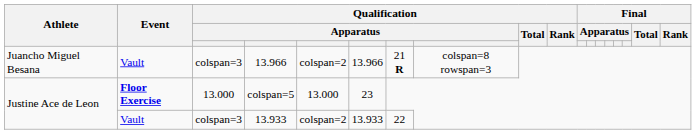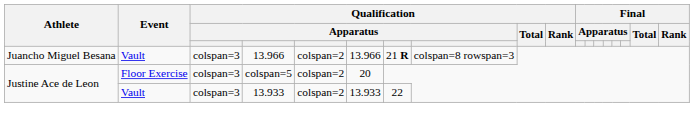 <table class="wikitable" style="font-size:90%">
 <tr>
 <th rowspan=3>Athlete</th>
 <th rowspan=3>Event</th>
 <th colspan=8>Qualification</th>
 <th colspan=8>Final</th>
 </tr>
 <tr style="font-size:95%">
 <th colspan=6>Apparatus</th>
 <th rowspan=2>Total</th>
 <th rowspan=2>Rank</th>
 <th colspan=6>Apparatus</th>
 <th rowspan=2>Total</th>
 <th rowspan=2>Rank</th>
 </tr>
 <tr style="font-size:95%">
 <th></th>
 <th></th>
 <th></th>
 <th></th>
 <th></th>
 <th></th>
 <th></th>
 <th></th>
 <th></th>
 <th></th>
 <th></th>
 <th></th>
 </tr>
 <tr align=center>
 <td align=left>Juancho Miguel Besana</td>
 <td align=left><a href='#'>Vault</a></td>
 <td>colspan=3 </td>
 <td>13.966</td>
 <td>colspan=2 </td>
 <td>13.966</td>
 <td>21 <strong>R</strong></td>
 <td>colspan=8 rowspan=3 </td>
 </tr>
 <tr align=center>
 <td align=left rowspan=2>Justine Ace de Leon</td>
-<td align=left><strong><a href='#'>Floor Exercise</a></strong></td>
-<td>13.000</td>
+<td align=left><a href='#'>Floor Exercise</a></td>
+<td>colspan=3 </td>
 <td>colspan=5 </td>
-<td>13.000</td>
-<td>23</td>
+<td>colspan=2 </td>
+<td>20</td>
 </tr>
 <tr align=center>
 <td align=left><a href='#'>Vault</a></td>
 <td>colspan=3 </td>
 <td>13.933</td>
 <td>colspan=2 </td>
 <td>13.933</td>
 <td>22</td>
 </tr>
 </table>
